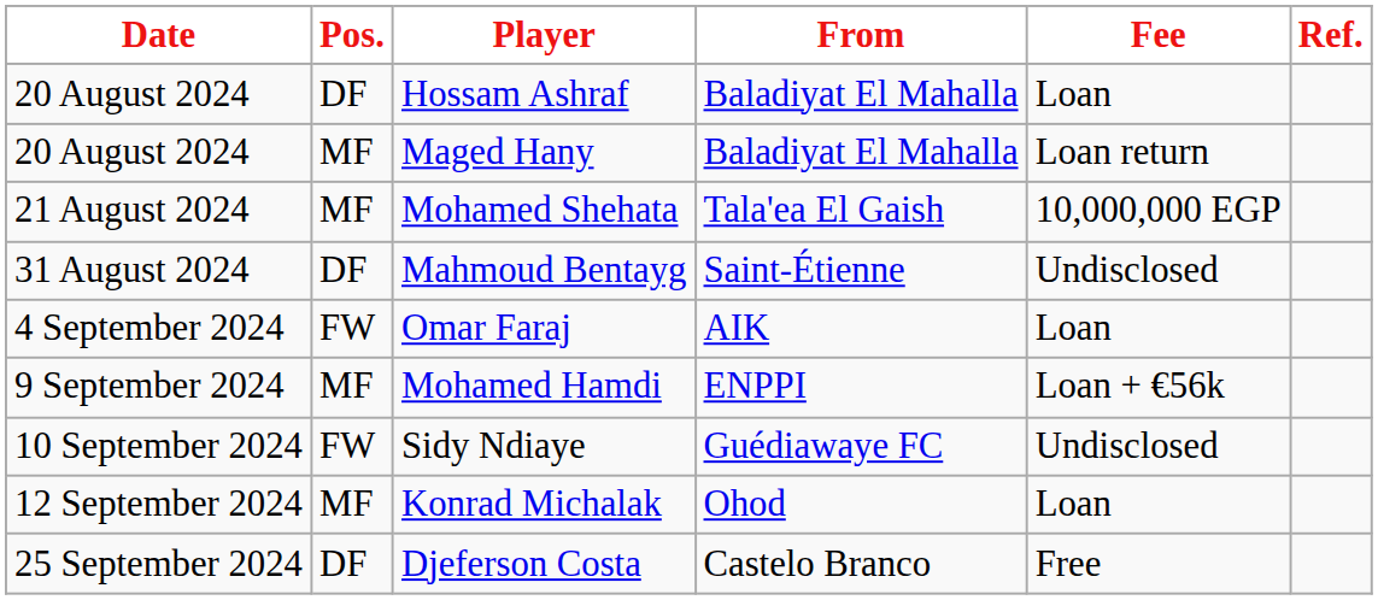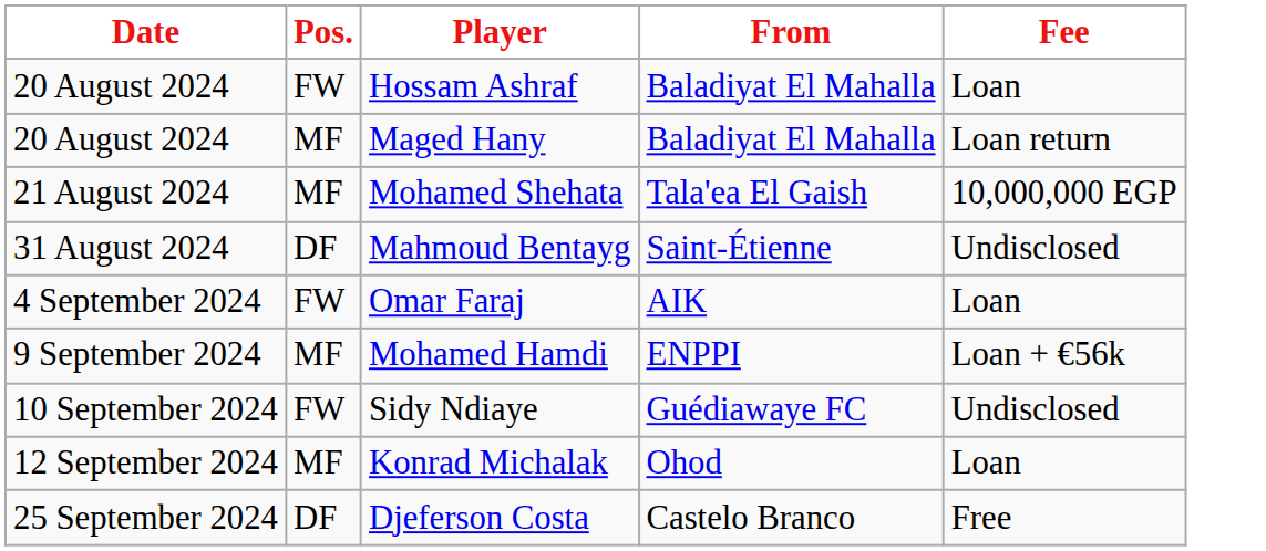 <table class="wikitable plainrowheaders sortable">
 <tr>
 <th style="background:#ffffff; color:#ed1313; ">Date</th>
 <th style="background:#ffffff; color:#ed1313; ">Pos.</th>
 <th style="background:#ffffff; color:#ed1313; ">Player</th>
 <th style="background:#ffffff; color:#ed1313; ">From</th>
 <th style="background:#ffffff; color:#ed1313; ">Fee</th>
-<th style="background:#ffffff; color:#ed1313; ">Ref.</th>
 </tr>
 <tr>
 <td>20 August 2024</td>
-<td>DF</td>
+<td>FW</td>
 <td> <a href='#'>Hossam Ashraf</a></td>
 <td> <a href='#'>Baladiyat El Mahalla</a></td>
 <td>Loan</td>
-<td></td>
 </tr>
 <tr>
 <td>20 August 2024</td>
 <td>MF</td>
 <td> <a href='#'>Maged Hany</a></td>
 <td> <a href='#'>Baladiyat El Mahalla</a></td>
 <td>Loan return</td>
-<td></td>
 </tr>
 <tr>
 <td>21 August 2024</td>
 <td>MF</td>
 <td> <a href='#'>Mohamed Shehata</a></td>
 <td> <a href='#'>Tala'ea El Gaish</a></td>
 <td>10,000,000 EGP</td>
-<td></td>
 </tr>
 <tr>
 <td>31 August 2024</td>
 <td>DF</td>
 <td> <a href='#'>Mahmoud Bentayg</a></td>
 <td> <a href='#'>Saint-Étienne</a></td>
 <td>Undisclosed</td>
-<td></td>
 </tr>
 <tr>
 <td>4 September 2024</td>
 <td>FW</td>
 <td> <a href='#'>Omar Faraj</a></td>
 <td> <a href='#'>AIK</a></td>
 <td>Loan</td>
-<td></td>
 </tr>
 <tr>
 <td>9 September 2024</td>
 <td>MF</td>
 <td> <a href='#'>Mohamed Hamdi</a></td>
 <td> <a href='#'>ENPPI</a></td>
 <td>Loan + €56k</td>
-<td></td>
 </tr>
 <tr>
 <td>10 September 2024</td>
 <td>FW</td>
 <td> Sidy Ndiaye</td>
 <td> <a href='#'>Guédiawaye FC</a></td>
 <td>Undisclosed</td>
-<td></td>
 </tr>
 <tr>
 <td>12 September 2024</td>
 <td>MF</td>
 <td> <a href='#'>Konrad Michalak</a></td>
 <td> <a href='#'>Ohod</a></td>
 <td>Loan</td>
-<td></td>
 </tr>
 <tr>
 <td>25 September 2024</td>
 <td>DF</td>
 <td> <a href='#'>Djeferson Costa</a></td>
 <td> Castelo Branco</td>
 <td>Free</td>
-<td></td>
 </tr>
 </table>
